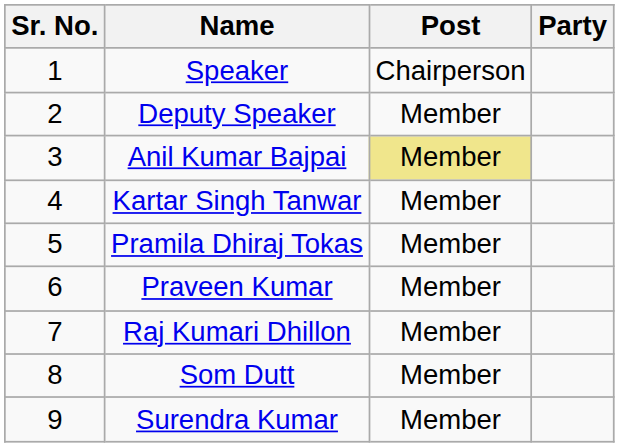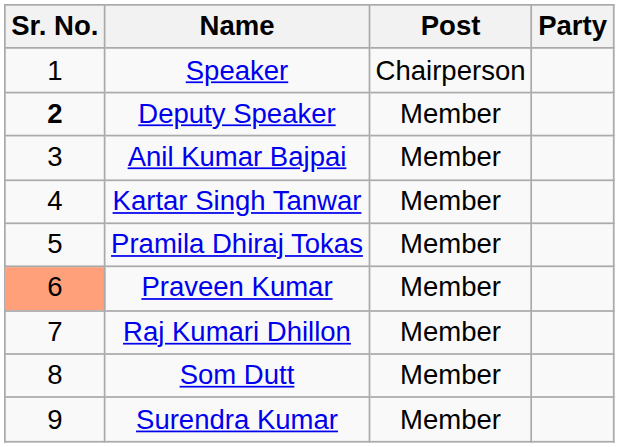 <table class="wikitable sortable">
 <tr>
 <th>Sr. No.</th>
 <th>Name</th>
 <th>Post</th>
 <th colspan="2">Party</th>
 </tr>
 <tr align="center">
 <td>1</td>
 <td><a href='#'>Speaker</a></td>
 <td>Chairperson</td>
 <td></td>
 </tr>
 <tr align="center">
-<td>2</td>
+<td><strong>2</strong></td>
 <td><a href='#'>Deputy Speaker</a></td>
 <td>Member</td>
 <td></td>
 </tr>
 <tr align="center">
 <td>3</td>
 <td><a href='#'>Anil Kumar Bajpai</a></td>
-<td style="background: khaki;">Member</td>
+<td>Member</td>
 <td></td>
 </tr>
 <tr align="center">
 <td>4</td>
 <td><a href='#'>Kartar Singh Tanwar</a></td>
 <td>Member</td>
 <td></td>
 </tr>
 <tr align="center">
 <td>5</td>
 <td><a href='#'>Pramila Dhiraj Tokas</a></td>
 <td>Member</td>
 <td></td>
 </tr>
 <tr align="center">
-<td>6</td>
+<td style="background: lightsalmon;">6</td>
 <td><a href='#'>Praveen Kumar</a></td>
 <td>Member</td>
 <td></td>
 </tr>
 <tr align="center">
 <td>7</td>
 <td><a href='#'>Raj Kumari Dhillon</a></td>
 <td>Member</td>
 <td></td>
 </tr>
 <tr align="center">
 <td>8</td>
 <td><a href='#'>Som Dutt</a></td>
 <td>Member</td>
 <td></td>
 </tr>
 <tr align="center">
 <td>9</td>
 <td><a href='#'>Surendra Kumar</a></td>
 <td>Member</td>
 <td></td>
 </tr>
 </table>
